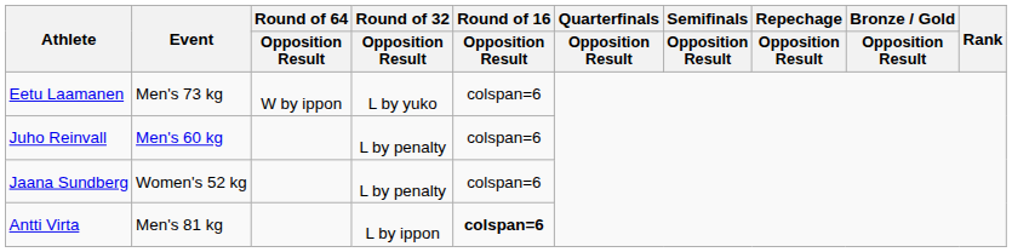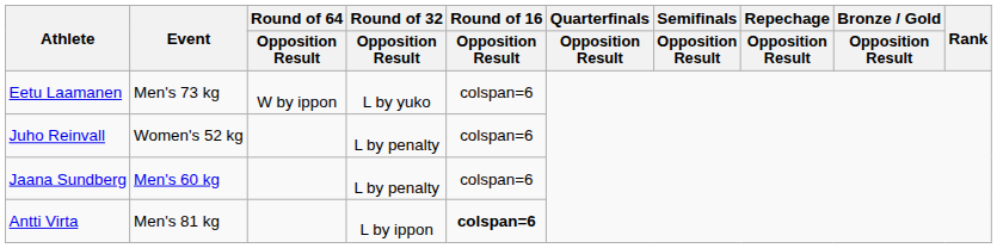 <table class="wikitable" style="font-size:90%;">
 <tr>
 <th rowspan=2>Athlete</th>
 <th rowspan=2>Event</th>
 <th>Round of 64</th>
 <th>Round of 32</th>
 <th>Round of 16</th>
 <th>Quarterfinals</th>
 <th>Semifinals</th>
 <th>Repechage</th>
 <th>Bronze / Gold</th>
 <th rowspan=2>Rank</th>
 </tr>
 <tr style="font-size:95%">
 <th>Opposition<br>Result</th>
 <th>Opposition<br>Result</th>
 <th>Opposition<br>Result</th>
 <th>Opposition<br>Result</th>
 <th>Opposition<br>Result</th>
 <th>Opposition<br>Result</th>
 <th>Opposition<br>Result</th>
 </tr>
 <tr align=center>
 <td align=left><a href='#'>Eetu Laamanen</a></td>
 <td align=left>Men's 73 kg</td>
 <td><br>W by ippon</td>
 <td><br>L by yuko</td>
 <td>colspan=6 </td>
 </tr>
 <tr align=center>
 <td align=left><a href='#'>Juho Reinvall</a></td>
-<td align=left><a href='#'>Men's 60 kg</a></td>
+<td align=left>Women's 52 kg</td>
 <td></td>
 <td><br>L by penalty</td>
 <td>colspan=6 </td>
 </tr>
 <tr align=center>
 <td align=left><a href='#'>Jaana Sundberg</a></td>
-<td align=left>Women's 52 kg</td>
+<td align=left><a href='#'>Men's 60 kg</a></td>
 <td></td>
 <td><br>L by penalty</td>
 <td>colspan=6 </td>
 </tr>
 <tr align=center>
 <td align=left><a href='#'>Antti Virta</a></td>
 <td align=left>Men's 81 kg</td>
 <td></td>
 <td><br>L by ippon</td>
 <td><strong>colspan=6 </strong></td>
 </tr>
 </table>
